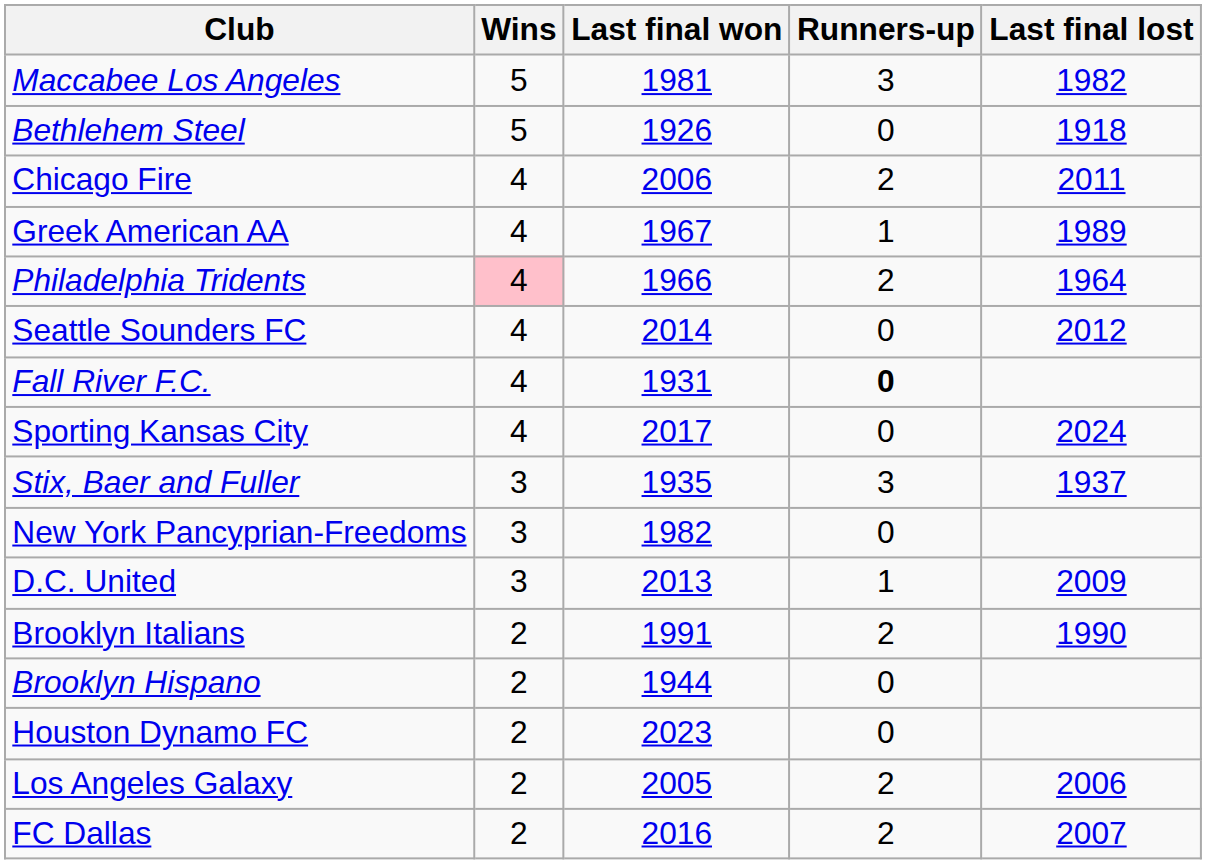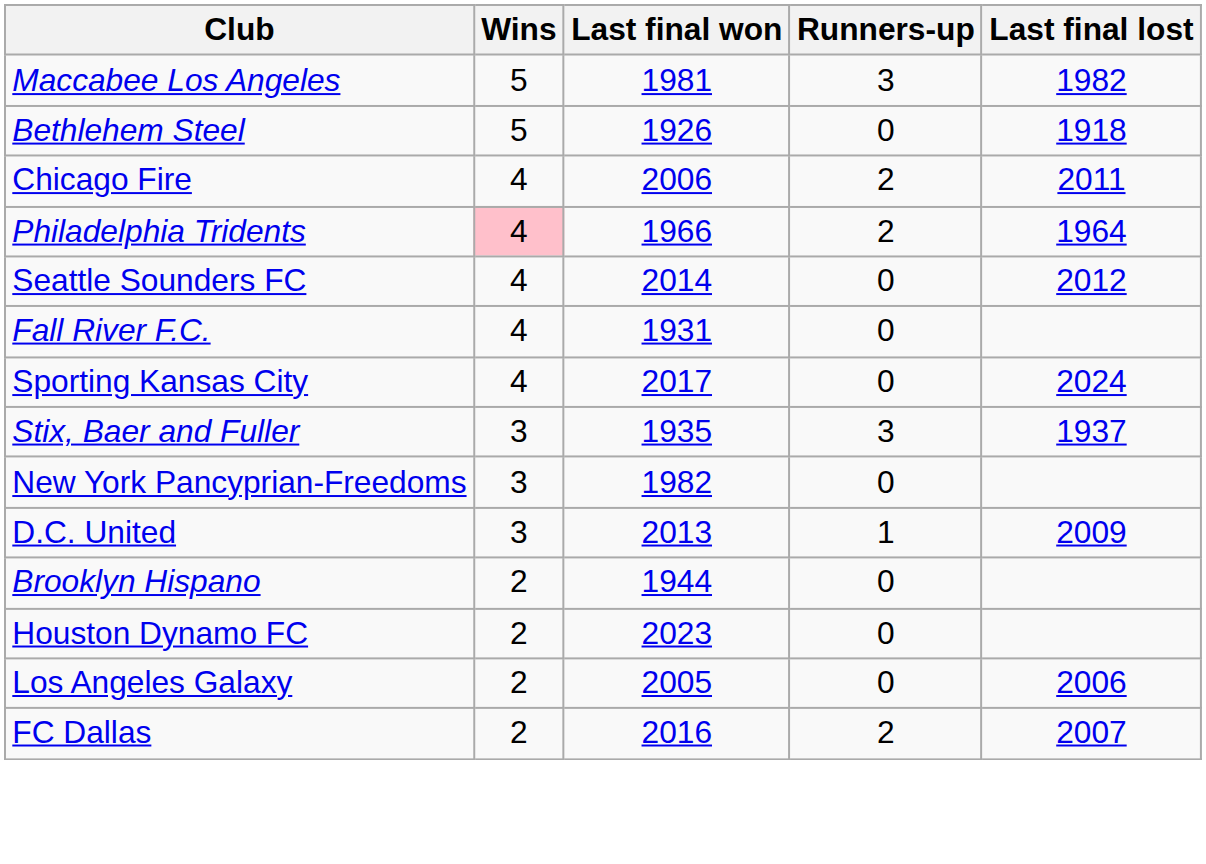 <table class="wikitable sortable" style="text-align: center;">
 <tr>
 <th scope="col">Club</th>
 <th scope="col">Wins</th>
 <th scope="col">Last final won</th>
 <th scope="col">Runners-up</th>
 <th scope="col">Last final lost</th>
 </tr>
 <tr>
 <td align=left><em><a href='#'>Maccabee Los Angeles</a></em></td>
 <td>5</td>
 <td><a href='#'>1981</a></td>
 <td>3</td>
 <td><a href='#'>1982</a></td>
 </tr>
 <tr>
 <td align=left><em><a href='#'>Bethlehem Steel</a></em></td>
 <td>5</td>
 <td><a href='#'>1926</a></td>
 <td>0</td>
 <td><a href='#'>1918</a></td>
 </tr>
 <tr>
 <td align=left><a href='#'>Chicago Fire</a></td>
 <td>4</td>
 <td><a href='#'>2006</a></td>
 <td>2</td>
 <td><a href='#'>2011</a></td>
 </tr>
 <tr>
-<td align=left><a href='#'>Greek American AA</a></td>
-<td>4</td>
-<td><a href='#'>1967</a></td>
-<td>1</td>
-<td><a href='#'>1989</a></td>
-</tr>
-<tr>
 <td align=left><a href='#'><em>Philadelphia Tridents</em></a></td>
 <td style="background: pink;">4</td>
 <td><a href='#'>1966</a></td>
 <td>2</td>
 <td><a href='#'>1964</a></td>
 </tr>
 <tr>
 <td align=left><a href='#'>Seattle Sounders FC</a></td>
 <td>4</td>
 <td><a href='#'>2014</a></td>
 <td>0</td>
 <td><a href='#'>2012</a></td>
 </tr>
 <tr>
 <td align=left><em><a href='#'>Fall River F.C.</a></em></td>
 <td>4</td>
 <td><a href='#'>1931</a></td>
-<td><strong>0</strong></td>
+<td>0</td>
 <td></td>
 </tr>
 <tr>
 <td align=left><a href='#'>Sporting Kansas City</a></td>
 <td>4</td>
 <td><a href='#'>2017</a></td>
 <td>0</td>
 <td><a href='#'>2024</a></td>
 </tr>
 <tr>
 <td align=left><em><a href='#'>Stix, Baer and Fuller</a></em></td>
 <td>3</td>
 <td><a href='#'>1935</a></td>
 <td>3</td>
 <td><a href='#'>1937</a></td>
 </tr>
 <tr>
 <td align=left><a href='#'>New York Pancyprian-Freedoms</a></td>
 <td>3</td>
 <td><a href='#'>1982</a></td>
 <td>0</td>
 <td></td>
 </tr>
 <tr>
 <td align=left><a href='#'>D.C. United</a></td>
 <td>3</td>
 <td><a href='#'>2013</a></td>
 <td>1</td>
 <td><a href='#'>2009</a></td>
 </tr>
 <tr>
-<td align=left><a href='#'>Brooklyn Italians</a></td>
-<td>2</td>
-<td><a href='#'>1991</a></td>
-<td>2</td>
-<td><a href='#'>1990</a></td>
-</tr>
-<tr>
 <td align=left><em><a href='#'>Brooklyn Hispano</a></em></td>
 <td>2</td>
 <td><a href='#'>1944</a></td>
 <td>0</td>
 <td></td>
 </tr>
 <tr>
 <td align=left><a href='#'>Houston Dynamo FC</a></td>
 <td>2</td>
 <td><a href='#'>2023</a></td>
 <td>0</td>
 <td></td>
 </tr>
 <tr>
 <td align=left><a href='#'>Los Angeles Galaxy</a></td>
 <td>2</td>
 <td><a href='#'>2005</a></td>
-<td>2</td>
+<td>0</td>
 <td><a href='#'>2006</a></td>
 </tr>
 <tr>
 <td align=left><a href='#'>FC Dallas</a></td>
 <td>2</td>
 <td><a href='#'>2016</a></td>
 <td>2</td>
 <td><a href='#'>2007</a></td>
 </tr>
 </table>
